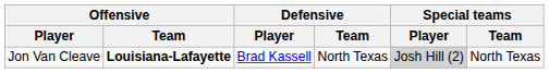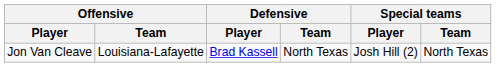 <table class="wikitable">
 <tr>
 <th colspan="2">Offensive</th>
 <th colspan="2">Defensive</th>
 <th colspan="2">Special teams</th>
 </tr>
 <tr>
 <th>Player</th>
 <th>Team</th>
 <th>Player</th>
 <th>Team</th>
 <th>Player</th>
 <th>Team</th>
 </tr>
 <tr>
 <td>Jon Van Cleave</td>
-<td><strong>Louisiana-Lafayette</strong></td>
+<td>Louisiana-Lafayette</td>
 <td><a href='#'>Brad Kassell</a></td>
 <td>North Texas</td>
-<td style="background: lightgrey;">Josh Hill (2)</td>
+<td>Josh Hill (2)</td>
 <td>North Texas</td>
 </tr>
 </table>
